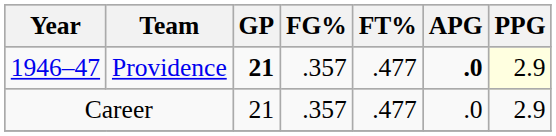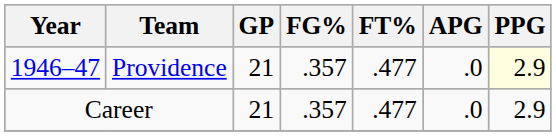 <table class="wikitable sortable" style="font-size:95%; text-align:right;">
 <tr>
 <th>Year</th>
 <th>Team</th>
 <th>GP</th>
 <th>FG%</th>
 <th>FT%</th>
 <th>APG</th>
 <th>PPG</th>
 </tr>
 <tr>
 <td style="text-align:left;"><a href='#'>1946–47</a></td>
 <td style="text-align:left;"><a href='#'>Providence</a></td>
-<td><strong>21</strong></td>
+<td>21</td>
 <td>.357</td>
 <td>.477</td>
-<td><strong>.0</strong></td>
+<td>.0</td>
 <td style="background: lightyellow;">2.9</td>
 </tr>
 <tr>
 <td style="text-align:center;" colspan="2">Career</td>
 <td>21</td>
 <td>.357</td>
 <td>.477</td>
 <td>.0</td>
 <td>2.9</td>
 </tr>
 <tr>
 </tr>
 </table>
